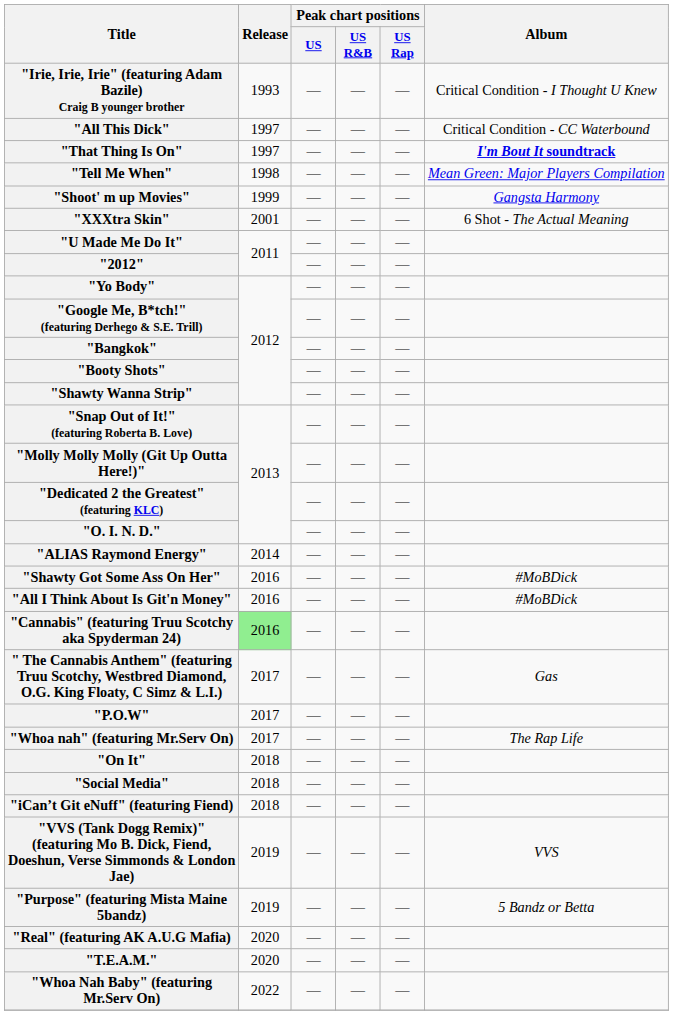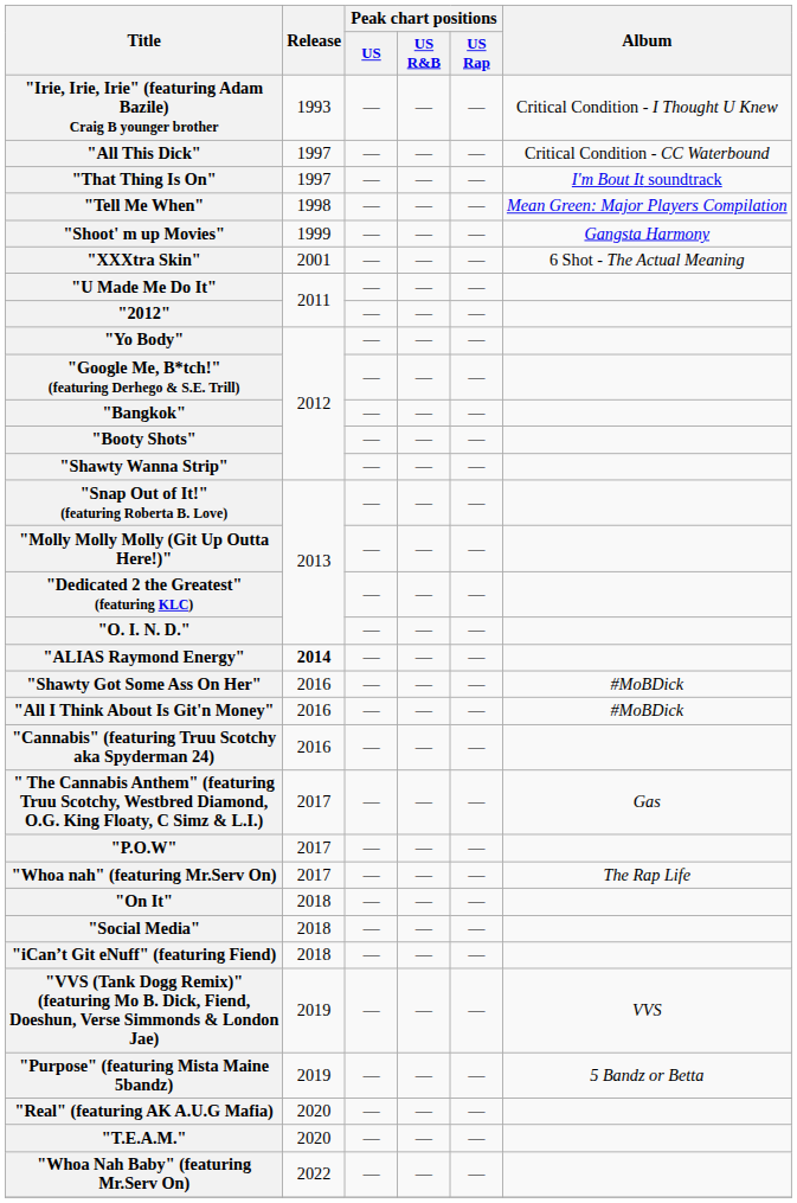 <table class="wikitable plainrowheaders" style="text-align:center;">
 <tr>
 <th scope="col" rowspan="2" style="width:16em;">Title</th>
 <th scope="col" rowspan="2">Release</th>
 <th scope="col" colspan="3">Peak chart positions</th>
 <th scope="col" rowspan="2">Album</th>
 </tr>
 <tr>
 <th style="width:3em; font-size:90%"><a href='#'>US</a></th>
 <th style="width:3em; font-size:90%"><a href='#'>US<br>R&B</a></th>
 <th style="width:3em; font-size:90%"><a href='#'>US<br>Rap</a></th>
 </tr>
 <tr>
 <th scope="row">"Irie, Irie, Irie" (featuring Adam Bazile)<br><small>Craig B younger brother </small></th>
 <td>1993</td>
 <td>—</td>
 <td>—</td>
 <td>—</td>
 <td>Critical Condition - <em>I Thought U Knew</em></td>
 </tr>
 <tr>
 <th scope="row">"All This Dick"</th>
 <td>1997</td>
 <td>—</td>
 <td>—</td>
 <td>—</td>
 <td>Critical Condition - <em>CC Waterbound</em></td>
 </tr>
 <tr>
 <th scope="row">"That Thing Is On"</th>
 <td>1997</td>
 <td>—</td>
 <td>—</td>
 <td>—</td>
-<td><strong><a href='#'><em>I'm Bout It</em> soundtrack</a></strong></td>
+<td><a href='#'><em>I'm Bout It</em> soundtrack</a></td>
 </tr>
 <tr>
 <th scope="row">"Tell Me When"</th>
 <td>1998</td>
 <td>—</td>
 <td>—</td>
 <td>—</td>
 <td><em><a href='#'>Mean Green: Major Players Compilation</a></em></td>
 </tr>
 <tr>
 <th scope="row">"Shoot' m up Movies"</th>
 <td>1999</td>
 <td>—</td>
 <td>—</td>
 <td>—</td>
 <td><em><a href='#'>Gangsta Harmony</a></em></td>
 </tr>
 <tr>
 <th scope="row">"XXXtra Skin"</th>
 <td>2001</td>
 <td>—</td>
 <td>—</td>
 <td>—</td>
 <td>6 Shot - <em>The Actual Meaning</em></td>
 </tr>
 <tr>
 <th scope="row">"U Made Me Do It"</th>
 <td rowspan="2">2011</td>
 <td>—</td>
 <td>—</td>
 <td>—</td>
 <td></td>
 </tr>
 <tr>
 <th scope="row">"2012"</th>
 <td>—</td>
 <td>—</td>
 <td>—</td>
 <td></td>
 </tr>
 <tr>
 <th scope="row">"Yo Body"</th>
 <td rowspan="5">2012</td>
 <td>—</td>
 <td>—</td>
 <td>—</td>
 <td></td>
 </tr>
 <tr>
 <th scope="row">"Google Me, B*tch!"<br><small>(featuring Derhego & S.E. Trill)</small></th>
 <td>—</td>
 <td>—</td>
 <td>—</td>
 <td></td>
 </tr>
 <tr>
 <th scope="row">"Bangkok"</th>
 <td>—</td>
 <td>—</td>
 <td>—</td>
 <td></td>
 </tr>
 <tr>
 <th scope="row">"Booty Shots"</th>
 <td>—</td>
 <td>—</td>
 <td>—</td>
 <td></td>
 </tr>
 <tr>
 <th scope="row">"Shawty Wanna Strip"</th>
 <td>—</td>
 <td>—</td>
 <td>—</td>
 <td></td>
 </tr>
 <tr>
 <th scope="row">"Snap Out of It!"<br><small>(featuring Roberta B. Love)</small></th>
 <td rowspan="4">2013</td>
 <td>—</td>
 <td>—</td>
 <td>—</td>
 <td></td>
 </tr>
 <tr>
 <th scope="row">"Molly Molly Molly (Git Up Outta Here!)"</th>
 <td>—</td>
 <td>—</td>
 <td>—</td>
 <td></td>
 </tr>
 <tr>
 <th scope="row">"Dedicated 2 the Greatest"<br><small>(featuring <a href='#'>KLC</a>)</small></th>
 <td>—</td>
 <td>—</td>
 <td>—</td>
 <td></td>
 </tr>
 <tr>
 <th scope="row">"O. I. N. D."</th>
 <td>—</td>
 <td>—</td>
 <td>—</td>
 <td></td>
 </tr>
 <tr>
 <th scope="row">"ALIAS Raymond Energy"</th>
-<td>2014</td>
+<td><strong>2014</strong></td>
 <td>—</td>
 <td>—</td>
 <td>—</td>
 <td></td>
 </tr>
 <tr>
 <th scope="row">"Shawty Got Some Ass On Her"</th>
 <td>2016</td>
 <td>—</td>
 <td>—</td>
 <td>—</td>
 <td><em>#MoBDick</em></td>
 </tr>
 <tr>
 <th scope="row">"All I Think About Is Git'n Money"</th>
 <td>2016</td>
 <td>—</td>
 <td>—</td>
 <td>—</td>
 <td><em>#MoBDick</em></td>
 </tr>
 <tr>
 <th scope="row">"Cannabis" (featuring Truu Scotchy aka Spyderman 24)</th>
-<td style="background: lightgreen;">2016</td>
+<td>2016</td>
 <td>—</td>
 <td>—</td>
 <td>—</td>
 <td></td>
 </tr>
 <tr>
 <th scope="row">" The Cannabis Anthem" (featuring Truu Scotchy, Westbred Diamond, O.G. King Floaty, C Simz & L.I.)</th>
 <td>2017</td>
 <td>—</td>
 <td>—</td>
 <td>—</td>
 <td><em>Gas</em></td>
 </tr>
 <tr>
 <th scope="row">"P.O.W"</th>
 <td>2017</td>
 <td>—</td>
 <td>—</td>
 <td>—</td>
 <td></td>
 </tr>
 <tr>
 <th scope="row">"Whoa nah" (featuring Mr.Serv On)</th>
 <td>2017</td>
 <td>—</td>
 <td>—</td>
 <td>—</td>
 <td><em>The Rap Life</em></td>
 </tr>
 <tr>
 <th scope="row">"On It"</th>
 <td>2018</td>
 <td>—</td>
 <td>—</td>
 <td>—</td>
 <td></td>
 </tr>
 <tr>
 <th scope="row">"Social Media"</th>
 <td>2018</td>
 <td>—</td>
 <td>—</td>
 <td>—</td>
 <td></td>
 </tr>
 <tr>
 <th scope="row">"iCan’t Git eNuff" (featuring Fiend)</th>
 <td>2018</td>
 <td>—</td>
 <td>—</td>
 <td>—</td>
 <td></td>
 </tr>
 <tr>
 <th scope="row">"VVS (Tank Dogg Remix)" (featuring Mo B. Dick, Fiend, Doeshun, Verse Simmonds & London Jae)</th>
 <td>2019</td>
 <td>—</td>
 <td>—</td>
 <td>—</td>
 <td><em>VVS</em></td>
 </tr>
 <tr>
 <th scope="row">"Purpose" (featuring Mista Maine 5bandz)</th>
 <td>2019</td>
 <td>—</td>
 <td>—</td>
 <td>—</td>
 <td><em>5 Bandz or Betta</em></td>
 </tr>
 <tr>
 <th scope="row">"Real" (featuring AK A.U.G Mafia)</th>
 <td>2020</td>
 <td>—</td>
 <td>—</td>
 <td>—</td>
 <td></td>
 </tr>
 <tr>
 <th scope="row">"T.E.A.M."</th>
 <td>2020</td>
 <td>—</td>
 <td>—</td>
 <td>—</td>
 <td></td>
 </tr>
 <tr>
 <th scope="row">"Whoa Nah Baby" (featuring Mr.Serv On)</th>
 <td>2022</td>
 <td>—</td>
 <td>—</td>
 <td>—</td>
 <td></td>
 </tr>
 <tr>
 </tr>
 </table>
